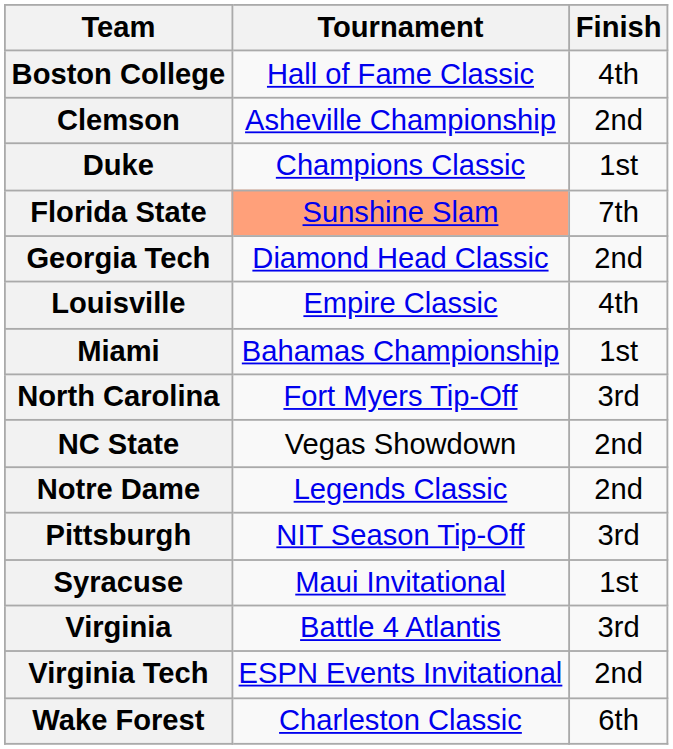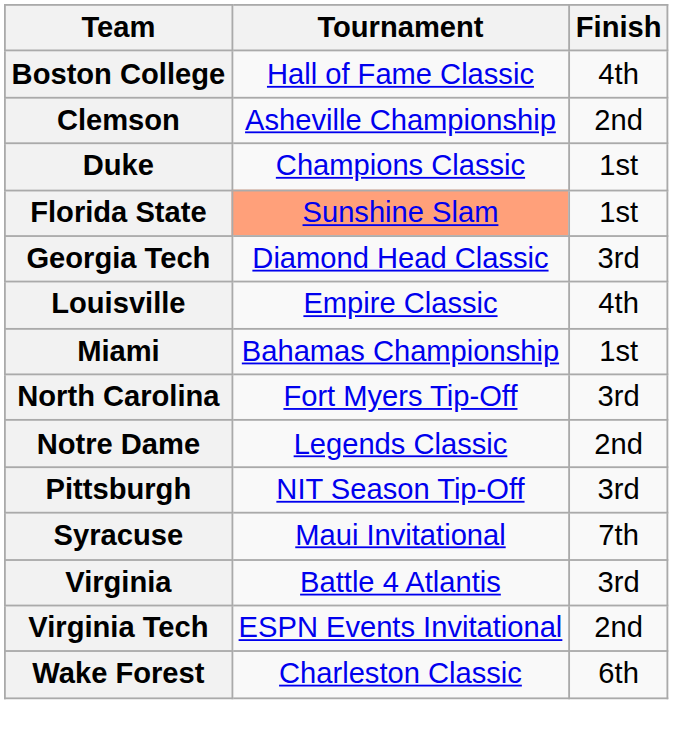 <table class="wikitable">
 <tr>
 <th>Team</th>
 <th>Tournament</th>
 <th>Finish</th>
 </tr>
 <tr style="text-align:center;">
 <th>Boston College</th>
 <td><a href='#'>Hall of Fame Classic</a></td>
 <td>4th</td>
 </tr>
 <tr style="text-align:center;">
 <th>Clemson</th>
 <td><a href='#'>Asheville Championship</a></td>
 <td>2nd</td>
 </tr>
 <tr style="text-align:center;">
 <th>Duke</th>
 <td><a href='#'>Champions Classic</a></td>
 <td>1st</td>
 </tr>
 <tr style="text-align:center;">
 <th>Florida State</th>
 <td style="background: lightsalmon;"><a href='#'>Sunshine Slam</a></td>
-<td>7th</td>
+<td>1st</td>
 </tr>
 <tr style="text-align:center;">
 <th>Georgia Tech</th>
 <td><a href='#'>Diamond Head Classic</a></td>
-<td>2nd</td>
+<td>3rd</td>
 </tr>
 <tr style="text-align:center;">
 <th>Louisville</th>
 <td><a href='#'>Empire Classic</a></td>
 <td>4th</td>
 </tr>
 <tr style="text-align:center;">
 <th>Miami</th>
 <td><a href='#'>Bahamas Championship</a></td>
 <td>1st</td>
 </tr>
 <tr style="text-align:center;">
 <th>North Carolina</th>
 <td><a href='#'>Fort Myers Tip-Off</a></td>
 <td>3rd</td>
 </tr>
 <tr style="text-align:center;">
-<th>NC State</th>
-<td>Vegas Showdown</td>
-<td>2nd</td>
-</tr>
-<tr style="text-align:center;">
 <th>Notre Dame</th>
 <td><a href='#'>Legends Classic</a></td>
 <td>2nd</td>
 </tr>
 <tr style="text-align:center;">
 <th>Pittsburgh</th>
 <td><a href='#'>NIT Season Tip-Off</a></td>
 <td>3rd</td>
 </tr>
 <tr style="text-align:center;">
 <th>Syracuse</th>
 <td><a href='#'>Maui Invitational</a></td>
-<td>1st</td>
+<td>7th</td>
 </tr>
 <tr style="text-align:center;">
 <th>Virginia</th>
 <td><a href='#'>Battle 4 Atlantis</a></td>
 <td>3rd</td>
 </tr>
 <tr style="text-align:center;">
 <th>Virginia Tech</th>
 <td><a href='#'>ESPN Events Invitational</a></td>
 <td>2nd</td>
 </tr>
 <tr style="text-align:center;">
 <th>Wake Forest</th>
 <td><a href='#'>Charleston Classic</a></td>
 <td>6th</td>
 </tr>
 </table>
